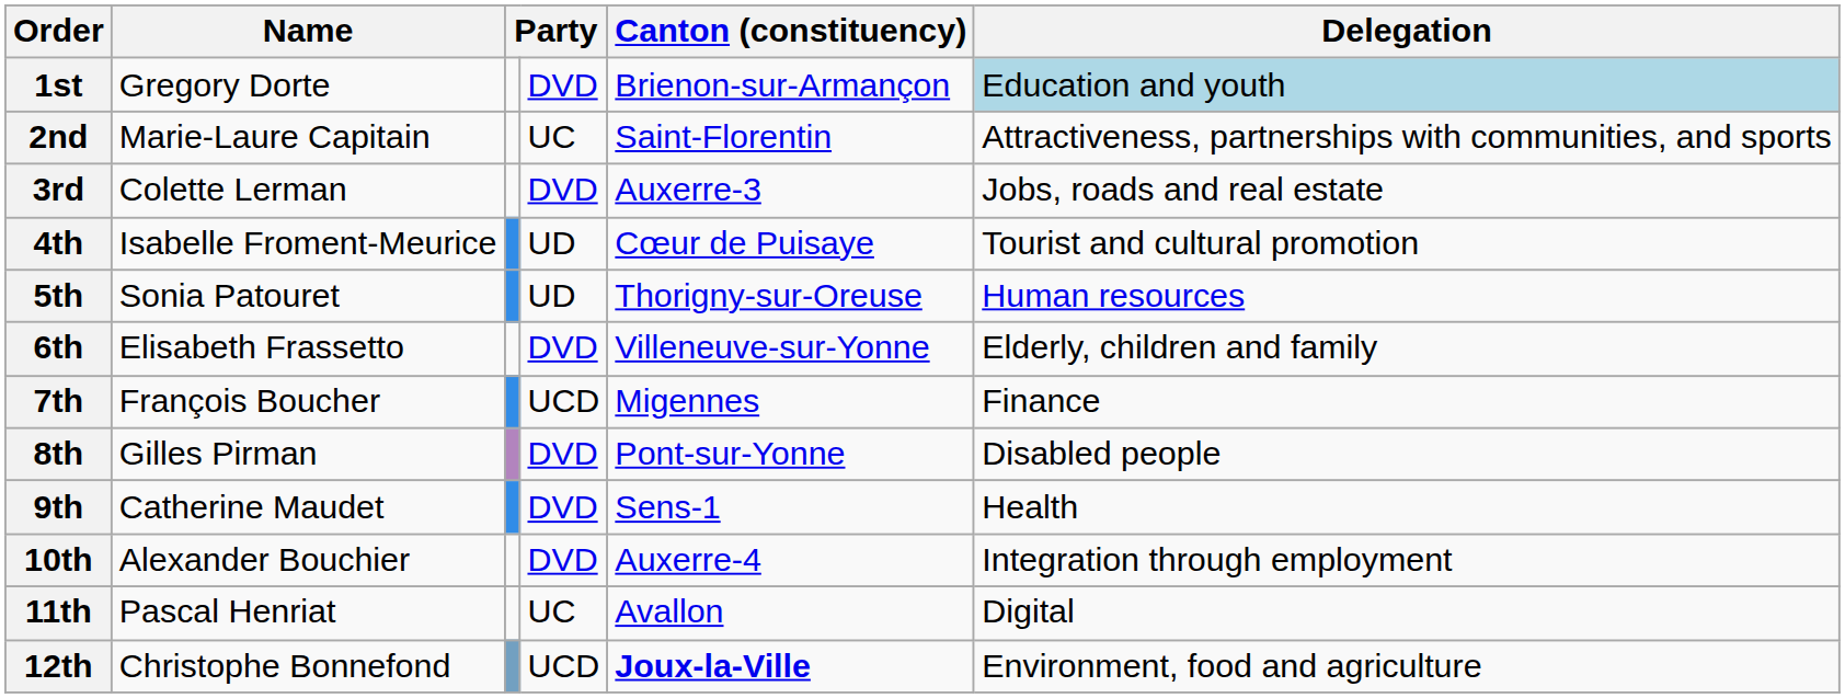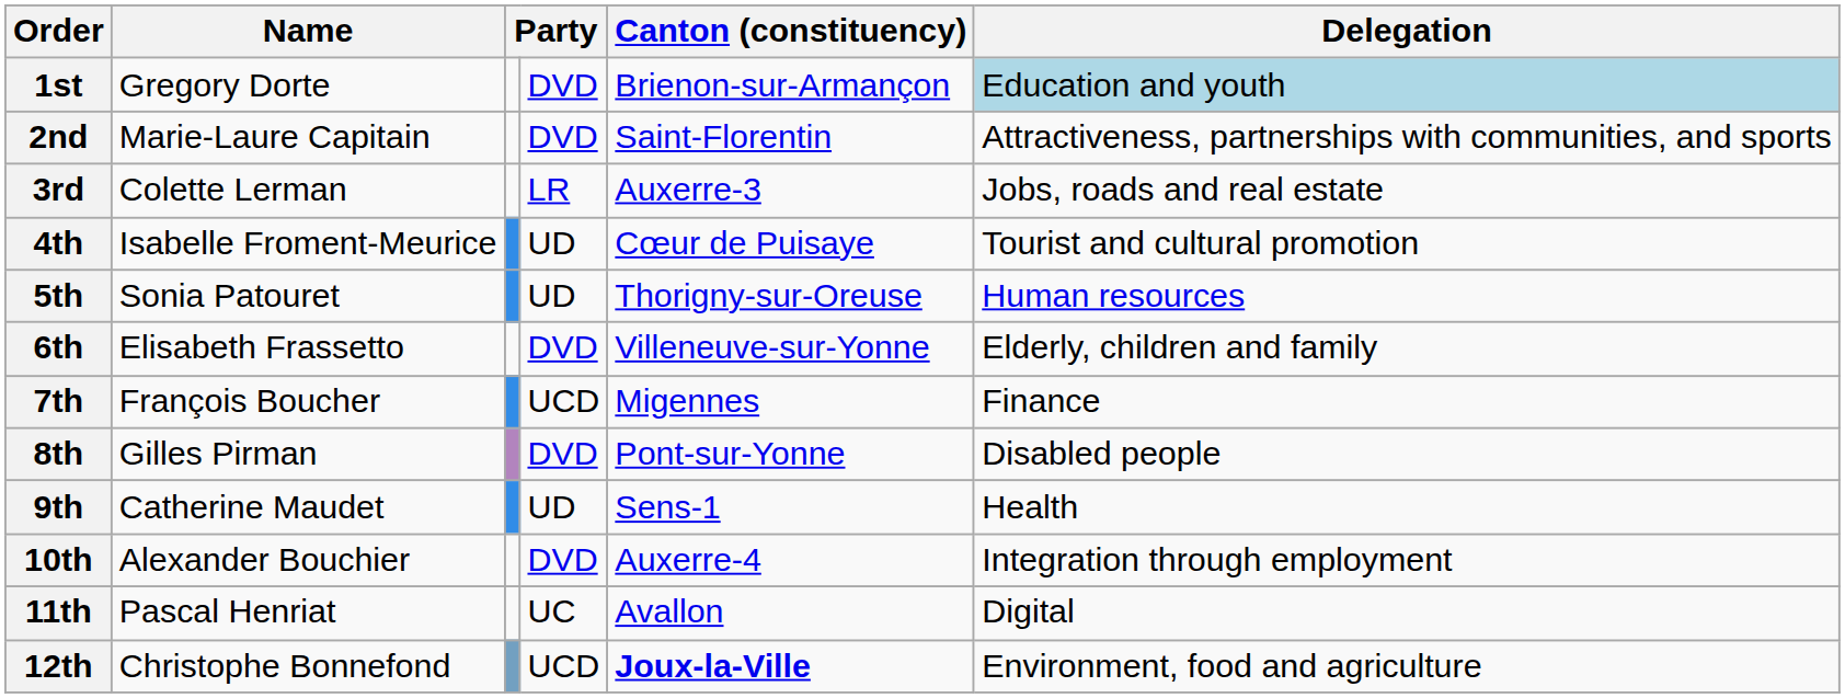 <table class="wikitable sortable">
 <tr>
 <th>Order</th>
 <th>Name</th>
 <th colspan="2">Party</th>
 <th><a href='#'>Canton</a> (constituency)</th>
 <th>Delegation</th>
 </tr>
 <tr>
 <th>1st</th>
 <td>Gregory Dorte</td>
 <td style="color:inherit;background:"></td>
 <td><a href='#'>DVD</a></td>
 <td><a href='#'>Brienon-sur-Armançon</a></td>
 <td style="background: lightblue;">Education and youth</td>
 </tr>
 <tr>
 <th>2nd</th>
 <td>Marie-Laure Capitain</td>
 <td style="color:inherit;background:"></td>
-<td>UC</td>
+<td><a href='#'>DVD</a></td>
 <td><a href='#'>Saint-Florentin</a></td>
 <td>Attractiveness, partnerships with communities, and sports</td>
 </tr>
 <tr>
 <th>3rd</th>
 <td>Colette Lerman</td>
 <td style="color:inherit;background:"></td>
-<td><a href='#'>DVD</a></td>
+<td><a href='#'>LR</a></td>
 <td><a href='#'>Auxerre-3</a></td>
 <td>Jobs, roads and real estate</td>
 </tr>
 <tr>
 <th>4th</th>
 <td>Isabelle Froment-Meurice</td>
 <td style="color:inherit;background:#318CE7"></td>
 <td>UD</td>
 <td><a href='#'>Cœur de Puisaye</a></td>
 <td>Tourist and cultural promotion</td>
 </tr>
 <tr>
 <th>5th</th>
 <td>Sonia Patouret</td>
 <td style="color:inherit;background:#318CE7"></td>
 <td>UD</td>
 <td><a href='#'>Thorigny-sur-Oreuse</a></td>
 <td><a href='#'>Human resources</a></td>
 </tr>
 <tr>
 <th>6th</th>
 <td>Elisabeth Frassetto</td>
 <td style="color:inherit;background:"></td>
 <td><a href='#'>DVD</a></td>
 <td><a href='#'>Villeneuve-sur-Yonne</a></td>
 <td>Elderly, children and family</td>
 </tr>
 <tr>
 <th>7th</th>
 <td>François Boucher</td>
 <td style="color:inherit;background:#318CE7"></td>
 <td>UCD</td>
 <td><a href='#'>Migennes</a></td>
 <td>Finance</td>
 </tr>
 <tr>
 <th>8th</th>
 <td>Gilles Pirman</td>
 <td style="color:inherit;background:#B284BE"></td>
 <td><a href='#'>DVD</a></td>
 <td><a href='#'>Pont-sur-Yonne</a></td>
 <td>Disabled people</td>
 </tr>
 <tr>
 <th>9th</th>
 <td>Catherine Maudet</td>
 <td style="color:inherit;background:#318CE7"></td>
-<td><a href='#'>DVD</a></td>
+<td>UD</td>
 <td><a href='#'>Sens-1</a></td>
 <td>Health</td>
 </tr>
 <tr>
 <th>10th</th>
 <td>Alexander Bouchier</td>
 <td style="color:inherit;background:"></td>
 <td><a href='#'>DVD</a></td>
 <td><a href='#'>Auxerre-4</a></td>
 <td>Integration through employment</td>
 </tr>
 <tr>
 <th>11th</th>
 <td>Pascal Henriat</td>
 <td style="color:inherit;background:"></td>
 <td>UC</td>
 <td><a href='#'>Avallon</a></td>
 <td>Digital</td>
 </tr>
 <tr>
 <th>12th</th>
 <td>Christophe Bonnefond</td>
 <td style="color:inherit;background:#72A0C1"></td>
 <td>UCD</td>
 <td><strong><a href='#'>Joux-la-Ville</a></strong></td>
 <td>Environment, food and agriculture</td>
 </tr>
 </table>
